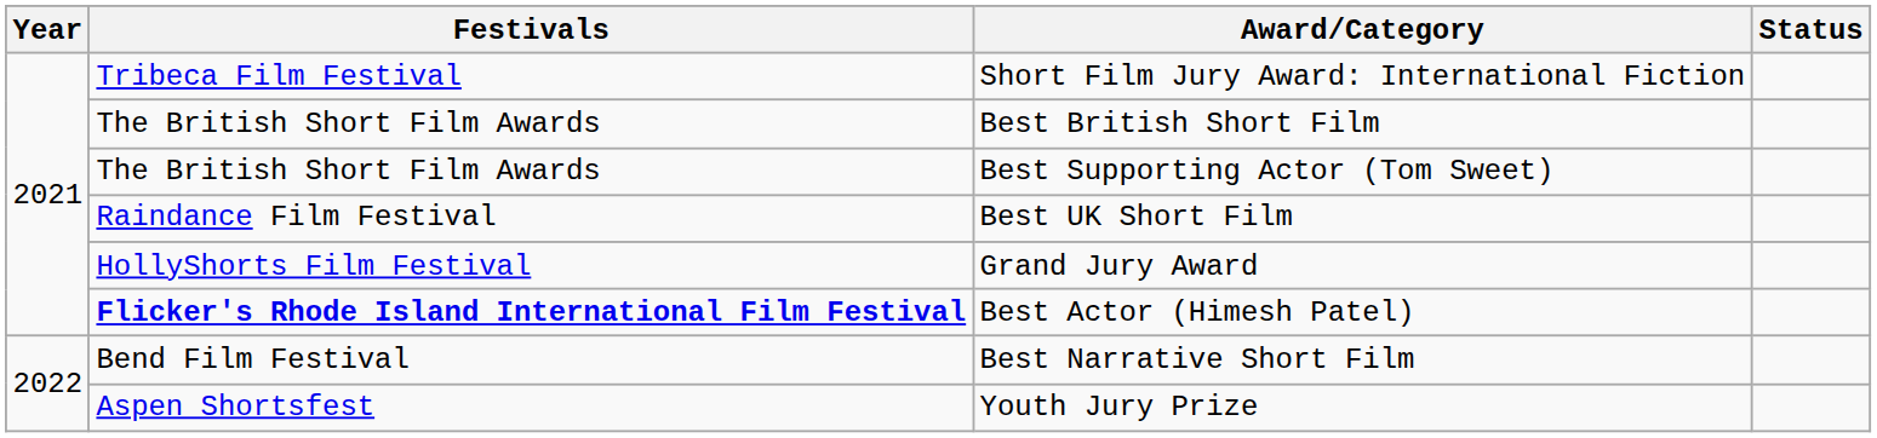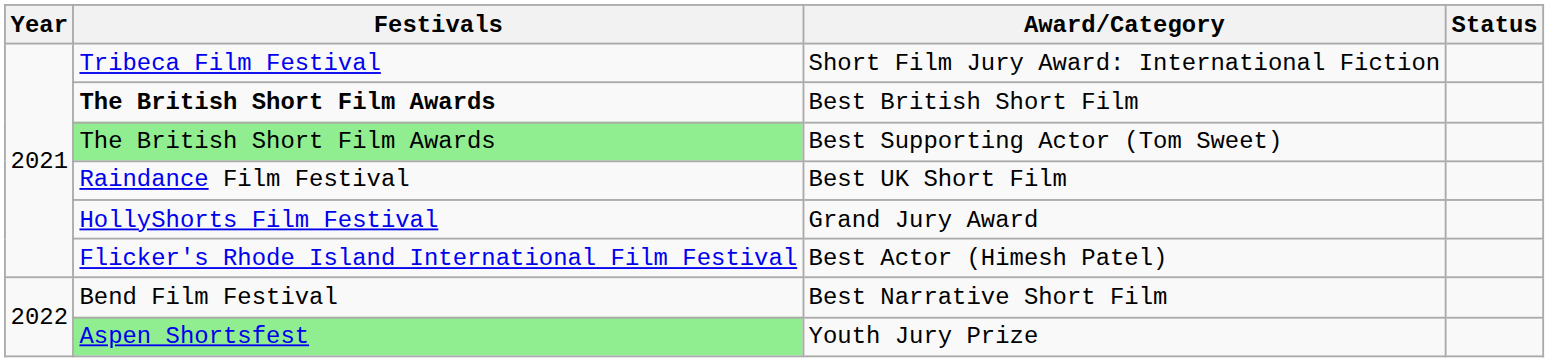 <table class="wikitable">
 <tr>
 <th>Year</th>
 <th>Festivals</th>
 <th>Award/Category</th>
 <th>Status</th>
 </tr>
 <tr>
 <td rowspan="6">2021</td>
 <td><a href='#'>Tribeca Film Festival</a></td>
 <td>Short Film Jury Award: International Fiction</td>
 <td></td>
 </tr>
 <tr>
-<td>The British Short Film Awards</td>
+<td><strong>The British Short Film Awards</strong></td>
 <td>Best British Short Film</td>
 <td></td>
 </tr>
 <tr>
-<td>The British Short Film Awards</td>
+<td style="background: lightgreen;">The British Short Film Awards</td>
 <td>Best Supporting Actor (Tom Sweet)</td>
 <td></td>
 </tr>
 <tr>
 <td><a href='#'>Raindance</a> Film Festival</td>
 <td>Best UK Short Film</td>
 <td></td>
 </tr>
 <tr>
 <td><a href='#'>HollyShorts Film Festival</a></td>
 <td>Grand Jury Award</td>
 <td></td>
 </tr>
 <tr>
-<td><strong><a href='#'>Flicker's Rhode Island International Film Festival</a></strong></td>
+<td><a href='#'>Flicker's Rhode Island International Film Festival</a></td>
 <td>Best Actor (Himesh Patel)</td>
 <td></td>
 </tr>
 <tr>
 <td rowspan="2">2022</td>
 <td>Bend Film Festival</td>
 <td>Best Narrative Short Film</td>
 <td></td>
 </tr>
 <tr>
-<td><a href='#'>Aspen Shortsfest</a></td>
+<td style="background: lightgreen;"><a href='#'>Aspen Shortsfest</a></td>
 <td>Youth Jury Prize</td>
 <td></td>
 </tr>
 </table>
